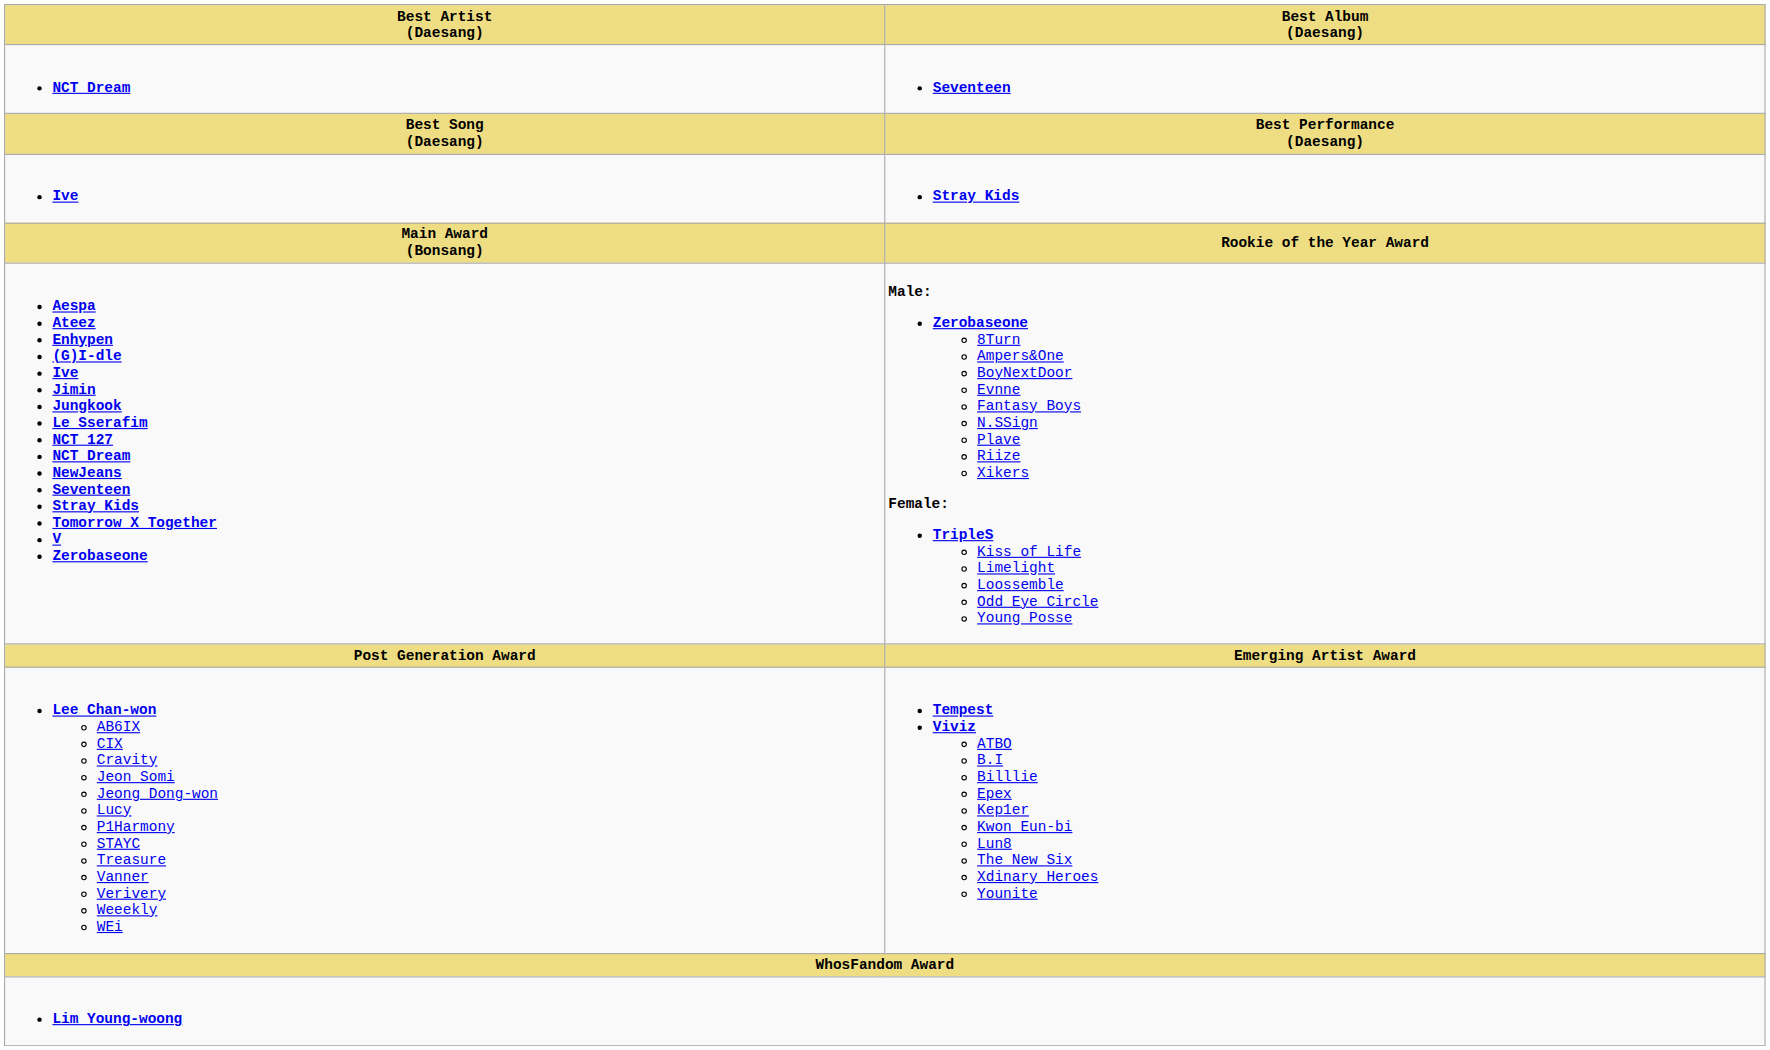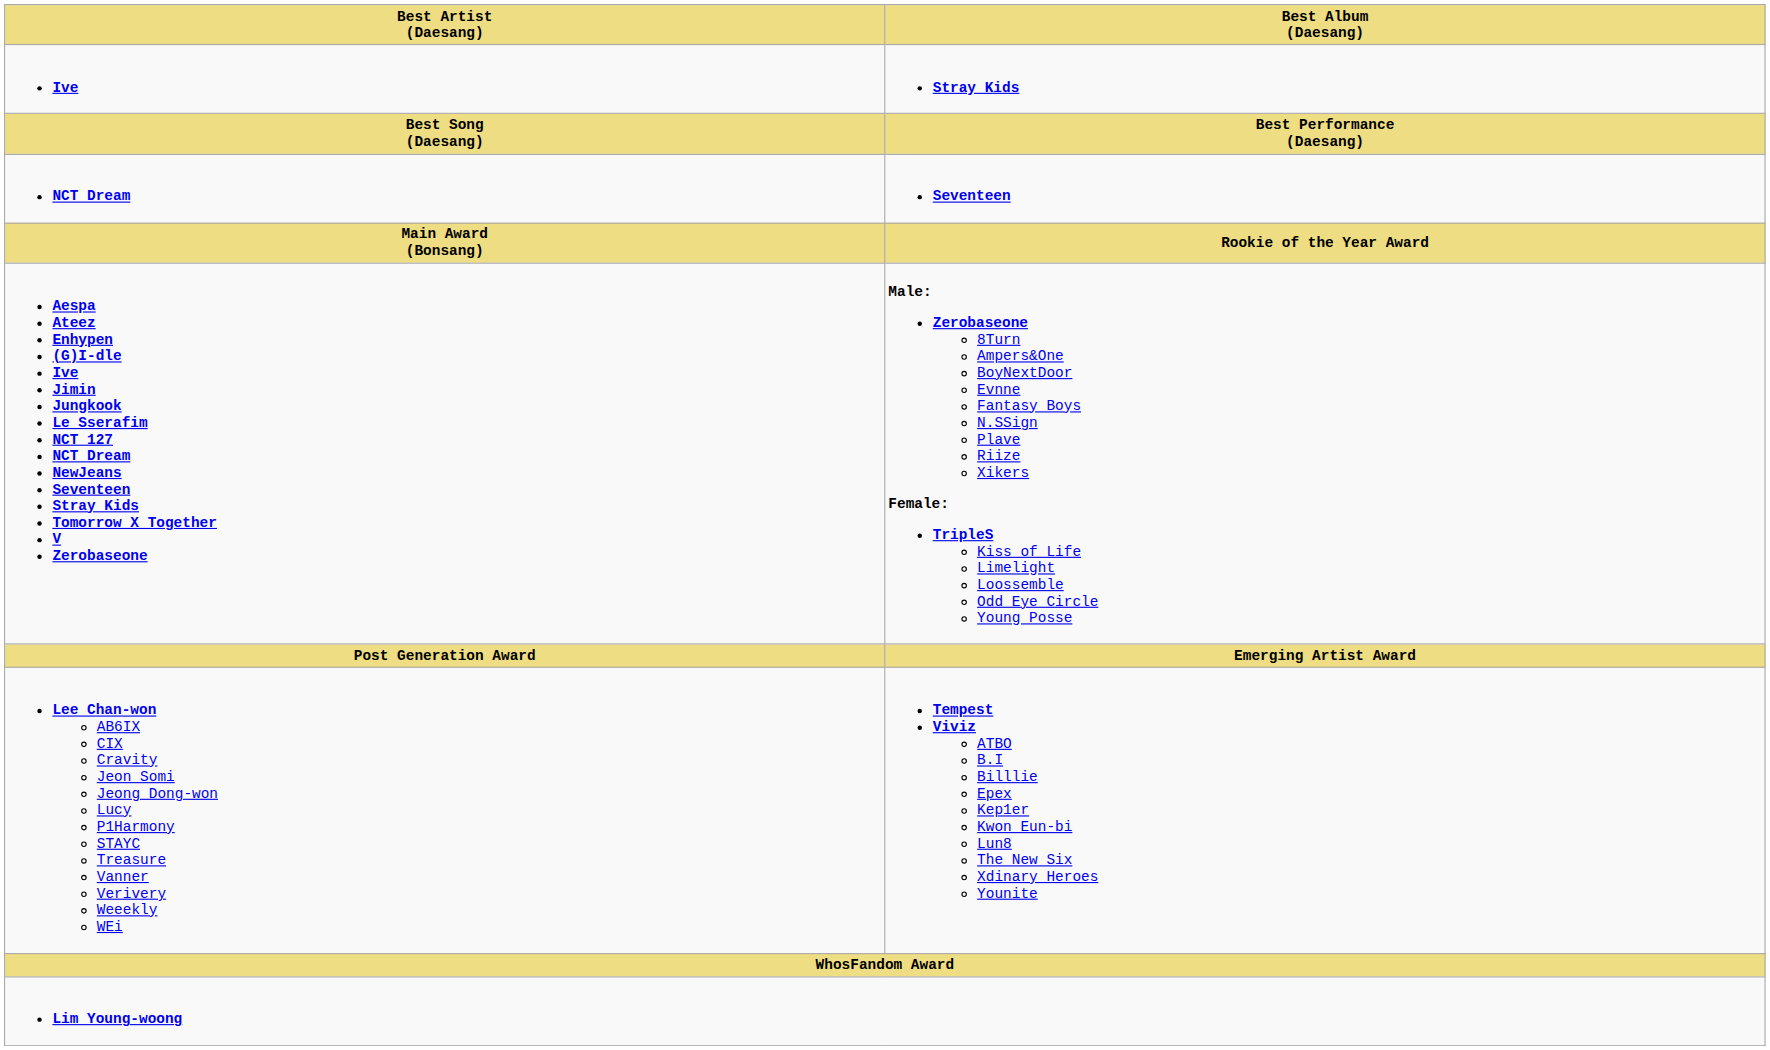 <table class="wikitable" style="width:80%">
 <tr>
 <th scope="col" style="background:#EEDD82; width:40%">Best Artist<br>(Daesang)</th>
 <th scope="col" style="background:#EEDD82; width:40%">Best Album<br>(Daesang)</th>
 </tr>
 <tr>
-<td style="vertical-align:top"><br><ul><li><strong><a href='#'>NCT Dream</a></strong></li></ul></td>
-<td style="vertical-align:top"><br><ul><li><strong><a href='#'>Seventeen</a></strong></li></ul></td>
+<td style="vertical-align:top"><br><ul><li><strong><a href='#'>Ive</a></strong></li></ul></td>
+<td style="vertical-align:top"><br><ul><li><strong><a href='#'>Stray Kids</a></strong></li></ul></td>
 </tr>
 <tr>
 <th scope="col" style="background:#EEDD82; width:40%">Best Song<br>(Daesang)</th>
 <th scope="col" style="background:#EEDD82; width:40%">Best Performance<br>(Daesang)</th>
 </tr>
 <tr>
-<td style="vertical-align:top"><br><ul><li><strong><a href='#'>Ive</a></strong></li></ul></td>
-<td style="vertical-align:top"><br><ul><li><strong><a href='#'>Stray Kids</a></strong></li></ul></td>
+<td style="vertical-align:top"><br><ul><li><strong><a href='#'>NCT Dream</a></strong></li></ul></td>
+<td style="vertical-align:top"><br><ul><li><strong><a href='#'>Seventeen</a></strong></li></ul></td>
 </tr>
 <tr>
 <th scope="col" style="background:#EEDD82; width:40%">Main Award<br>(Bonsang)</th>
 <th scope="col" style="background:#EEDD82; width:40%">Rookie of the Year Award</th>
 </tr>
 <tr>
 <td style="vertical-align:top"><br><ul><li><strong><a href='#'>Aespa</a></strong></li><li><strong><a href='#'>Ateez</a></strong></li><li><strong><a href='#'>Enhypen</a></strong></li><li><strong><a href='#'>(G)I-dle</a></strong></li><li><strong><a href='#'>Ive</a></strong></li><li><strong><a href='#'>Jimin</a></strong></li><li><strong><a href='#'>Jungkook</a></strong></li><li><strong><a href='#'>Le Sserafim</a></strong></li><li><strong><a href='#'>NCT 127</a></strong></li><li><strong><a href='#'>NCT Dream</a></strong></li><li><strong><a href='#'>NewJeans</a></strong></li><li><strong><a href='#'>Seventeen</a></strong></li><li><strong><a href='#'>Stray Kids</a></strong></li><li><strong><a href='#'>Tomorrow X Together</a></strong></li><li><strong><a href='#'>V</a></strong></li><li><strong><a href='#'>Zerobaseone</a></strong></li></ul></td>
 <td style="vertical-align:top"><br>  <strong>Male:</strong><ul><li><strong><a href='#'>Zerobaseone</a></strong><ul><li><a href='#'>8Turn</a></li><li><a href='#'>Ampers&One</a></li><li><a href='#'>BoyNextDoor</a></li><li><a href='#'>Evnne</a></li><li><a href='#'>Fantasy Boys</a></li><li><a href='#'>N.SSign</a></li><li><a href='#'>Plave</a></li><li><a href='#'>Riize</a></li><li><a href='#'>Xikers</a></li></ul></li></ul> <strong>Female:</strong><ul><li><strong><a href='#'>TripleS</a></strong><ul><li><a href='#'>Kiss of Life</a></li><li><a href='#'>Limelight</a></li><li><a href='#'>Loossemble</a></li><li><a href='#'>Odd Eye Circle</a></li><li><a href='#'>Young Posse</a></li></ul></li></ul></td>
 </tr>
 <tr>
 <th scope="col" style="background:#EEDD82; width:40%">Post Generation Award</th>
 <th scope="col" style="background:#EEDD82; width:40%">Emerging Artist Award</th>
 </tr>
 <tr>
 <td style="vertical-align:top"><br><ul><li><strong><a href='#'>Lee Chan-won</a></strong><ul><li><a href='#'>AB6IX</a></li><li><a href='#'>CIX</a></li><li><a href='#'>Cravity</a></li><li><a href='#'>Jeon Somi</a></li><li><a href='#'>Jeong Dong-won</a></li><li><a href='#'>Lucy</a></li><li><a href='#'>P1Harmony</a></li><li><a href='#'>STAYC</a></li><li><a href='#'>Treasure</a></li><li><a href='#'>Vanner</a></li><li><a href='#'>Verivery</a></li><li><a href='#'>Weeekly</a></li><li><a href='#'>WEi</a></li></ul></li></ul></td>
 <td style="vertical-align:top"><br><ul><li><strong><a href='#'>Tempest</a></strong></li><li><strong><a href='#'>Viviz</a></strong><ul><li><a href='#'>ATBO</a></li><li><a href='#'>B.I</a></li><li><a href='#'>Billlie</a></li><li><a href='#'>Epex</a></li><li><a href='#'>Kep1er</a></li><li><a href='#'>Kwon Eun-bi</a></li><li><a href='#'>Lun8</a></li><li><a href='#'>The New Six</a></li><li><a href='#'>Xdinary Heroes</a></li><li><a href='#'>Younite</a></li></ul></li></ul></td>
 </tr>
 <tr>
 <th scope="col" style="background:#EEDD82; width:40%" colspan="2">WhosFandom Award</th>
 </tr>
 <tr>
 <td style="vertical-align:top" colspan="2"><br><ul><li><strong><a href='#'>Lim Young-woong</a></strong></li></ul></td>
 </tr>
 </table>
